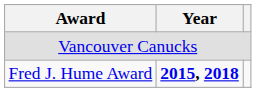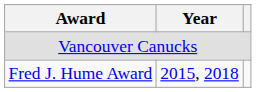 <table class="wikitable">
 <tr>
 <th>Award</th>
 <th>Year</th>
 <th></th>
 </tr>
 <tr ALIGN="center" bgcolor="#e0e0e0">
 <td colspan="3"><a href='#'>Vancouver Canucks</a></td>
 </tr>
 <tr>
 <td><a href='#'>Fred J. Hume Award</a></td>
-<td><strong><a href='#'>2015</a>, <a href='#'>2018</a></strong></td>
+<td><a href='#'>2015</a>, <a href='#'>2018</a></td>
 <td></td>
 </tr>
 </table>
